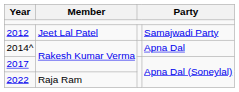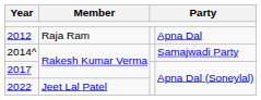 <table class="wikitable">
 <tr>
 <th>Year</th>
 <th>Member</th>
 <th colspan="2">Party</th>
 </tr>
 <tr>
 <td colspan="4"></td>
 </tr>
 <tr>
 <td><a href='#'>2012</a></td>
-<td><a href='#'>Jeet Lal Patel</a></td>
+<td>Raja Ram</td>
 <td style="background-color: "></td>
-<td><a href='#'>Samajwadi Party</a></td>
+<td><a href='#'>Apna Dal</a></td>
 </tr>
 <tr>
 <td>2014^</td>
 <td rowspan="2"><a href='#'>Rakesh Kumar Verma</a></td>
 <td style="background-color: "></td>
-<td><a href='#'>Apna Dal</a></td>
+<td><a href='#'>Samajwadi Party</a></td>
 </tr>
 <tr>
 <td><a href='#'>2017</a></td>
 <td rowspan="2" style="background-color: "></td>
 <td rowspan="2"><a href='#'>Apna Dal (Soneylal)</a></td>
 </tr>
 <tr>
 <td><a href='#'>2022</a></td>
-<td>Raja Ram</td>
+<td><a href='#'>Jeet Lal Patel</a></td>
 </tr>
 </table>
